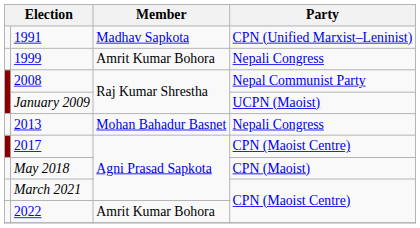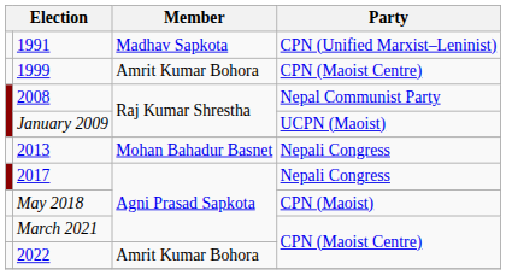 <table class="wikitable">
 <tr>
 <th colspan="2">Election</th>
 <th>Member</th>
 <th>Party</th>
 </tr>
 <tr>
 <td style="background-color:"></td>
 <td><a href='#'>1991</a></td>
 <td><a href='#'>Madhav Sapkota</a></td>
 <td><a href='#'>CPN (Unified Marxist–Leninist)</a></td>
 </tr>
 <tr>
 <td style="background-color:"></td>
 <td><a href='#'>1999</a></td>
 <td>Amrit Kumar Bohora</td>
-<td><a href='#'>Nepali Congress</a></td>
+<td><a href='#'>CPN (Maoist Centre)</a></td>
 </tr>
 <tr>
 <td rowspan="2" style="background-color:darkred"></td>
 <td><a href='#'>2008</a></td>
 <td rowspan="2">Raj Kumar Shrestha</td>
 <td><a href='#'>Nepal Communist Party</a></td>
 </tr>
 <tr>
 <td><em>January 2009</em></td>
 <td><a href='#'>UCPN (Maoist)</a></td>
 </tr>
 <tr>
 <td style="background-color:"></td>
 <td><a href='#'>2013</a></td>
 <td><a href='#'>Mohan Bahadur Basnet</a></td>
 <td><a href='#'>Nepali Congress</a></td>
 </tr>
 <tr>
 <td style="background-color:darkred"></td>
 <td><a href='#'>2017</a></td>
 <td rowspan="3"><a href='#'>Agni Prasad Sapkota</a></td>
-<td><a href='#'>CPN (Maoist Centre)</a></td>
+<td><a href='#'>Nepali Congress</a></td>
 </tr>
 <tr>
 <td style="background-color:"></td>
 <td><em>May 2018</em></td>
 <td><a href='#'>CPN (Maoist)</a></td>
 </tr>
 <tr>
 <td></td>
 <td><em>March 2021</em></td>
 <td rowspan="2"><a href='#'>CPN (Maoist Centre)</a></td>
 </tr>
 <tr>
 <td></td>
 <td><a href='#'>2022</a></td>
 <td>Amrit Kumar Bohora</td>
 </tr>
 <tr>
 </tr>
 </table>
